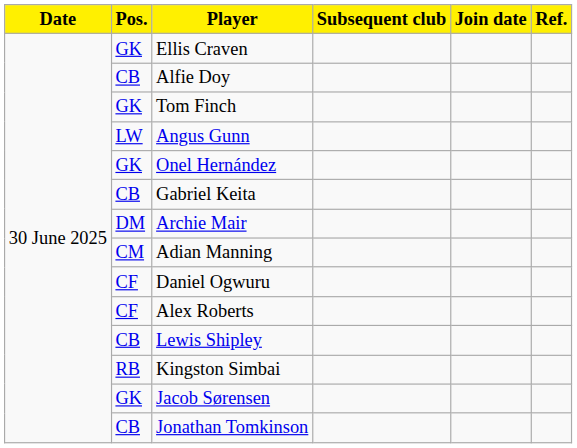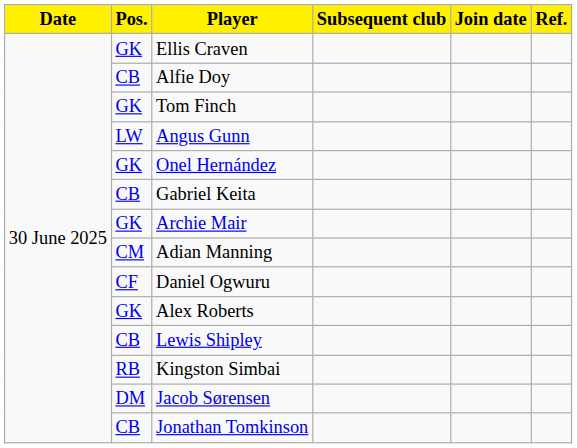 <table class="wikitable plainrowheaders sortable">
 <tr>
 <th style="background:#fff000;color:#000000;">Date</th>
 <th style="background:#fff000;color:#000000;">Pos.</th>
 <th style="background:#fff000;color:#000000;">Player</th>
 <th style="background:#fff000;color:#000000;">Subsequent club</th>
 <th style="background:#fff000;color:#000000;">Join date</th>
 <th style="background:#fff000;color:#000000;">Ref.</th>
 </tr>
 <tr>
 <td rowspan="14">30 June 2025</td>
 <td><a href='#'>GK</a></td>
 <td> Ellis Craven</td>
 <td></td>
 <td></td>
 <td></td>
 </tr>
 <tr>
 <td><a href='#'>CB</a></td>
 <td> Alfie Doy</td>
 <td></td>
 <td></td>
 <td></td>
 </tr>
 <tr>
 <td><a href='#'>GK</a></td>
 <td> Tom Finch</td>
 <td></td>
 <td></td>
 <td></td>
 </tr>
 <tr>
 <td><a href='#'>LW</a></td>
 <td> <a href='#'>Angus Gunn</a></td>
 <td></td>
 <td></td>
 <td></td>
 </tr>
 <tr>
 <td><a href='#'>GK</a></td>
 <td> <a href='#'>Onel Hernández</a></td>
 <td></td>
 <td></td>
 <td></td>
 </tr>
 <tr>
 <td><a href='#'>CB</a></td>
 <td> Gabriel Keita</td>
 <td></td>
 <td></td>
 <td></td>
 </tr>
 <tr>
-<td><a href='#'>DM</a></td>
+<td><a href='#'>GK</a></td>
 <td> <a href='#'>Archie Mair</a></td>
 <td></td>
 <td></td>
 <td></td>
 </tr>
 <tr>
 <td><a href='#'>CM</a></td>
 <td> Adian Manning</td>
 <td></td>
 <td></td>
 <td></td>
 </tr>
 <tr>
 <td><a href='#'>CF</a></td>
 <td> Daniel Ogwuru</td>
 <td></td>
 <td></td>
 <td></td>
 </tr>
 <tr>
-<td><a href='#'>CF</a></td>
+<td><a href='#'>GK</a></td>
 <td> Alex Roberts</td>
 <td></td>
 <td></td>
 <td></td>
 </tr>
 <tr>
 <td><a href='#'>CB</a></td>
 <td> <a href='#'>Lewis Shipley</a></td>
 <td></td>
 <td></td>
 <td></td>
 </tr>
 <tr>
 <td><a href='#'>RB</a></td>
 <td> Kingston Simbai</td>
 <td></td>
 <td></td>
 <td></td>
 </tr>
 <tr>
-<td><a href='#'>GK</a></td>
+<td><a href='#'>DM</a></td>
 <td> <a href='#'>Jacob Sørensen</a></td>
 <td></td>
 <td></td>
 <td></td>
 </tr>
 <tr>
 <td><a href='#'>CB</a></td>
 <td> <a href='#'>Jonathan Tomkinson</a></td>
 <td></td>
 <td></td>
 <td></td>
 </tr>
 </table>
